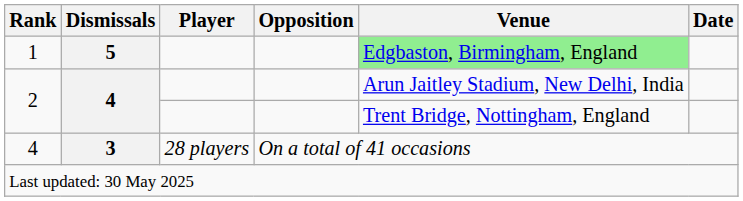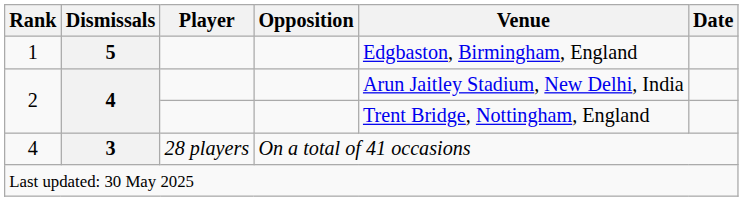 <table class="wikitable plainrowheaders sortable">
 <tr>
 <th scope=col>Rank</th>
 <th scope=col>Dismissals</th>
 <th scope=col>Player</th>
 <th scope=col>Opposition</th>
 <th scope=col>Venue</th>
 <th scope=col>Date</th>
 </tr>
 <tr>
 <td align=center>1</td>
 <th scope=row style=text-align:center;>5</th>
 <td></td>
 <td></td>
-<td style="background: lightgreen;"><a href='#'>Edgbaston</a>, <a href='#'>Birmingham</a>, England</td>
+<td><a href='#'>Edgbaston</a>, <a href='#'>Birmingham</a>, England</td>
 <td></td>
 </tr>
 <tr>
 <td align=center rowspan=2>2</td>
 <th scope=row style=text-align:center; rowspan=2>4</th>
 <td></td>
 <td></td>
 <td><a href='#'>Arun Jaitley Stadium</a>, <a href='#'>New Delhi</a>, India</td>
 <td></td>
 </tr>
 <tr>
 <td></td>
 <td></td>
 <td><a href='#'>Trent Bridge</a>, <a href='#'>Nottingham</a>, England</td>
 <td></td>
 </tr>
 <tr>
 <td align=center>4</td>
 <th scope=row style=text-align:center;>3</th>
 <td><em>28 players</em></td>
 <td colspan = 3><em>On a total of 41 occasions</em></td>
 </tr>
 <tr class=sortbottom>
 <td colspan=6><small>Last updated: 30 May 2025</small></td>
 </tr>
 </table>
